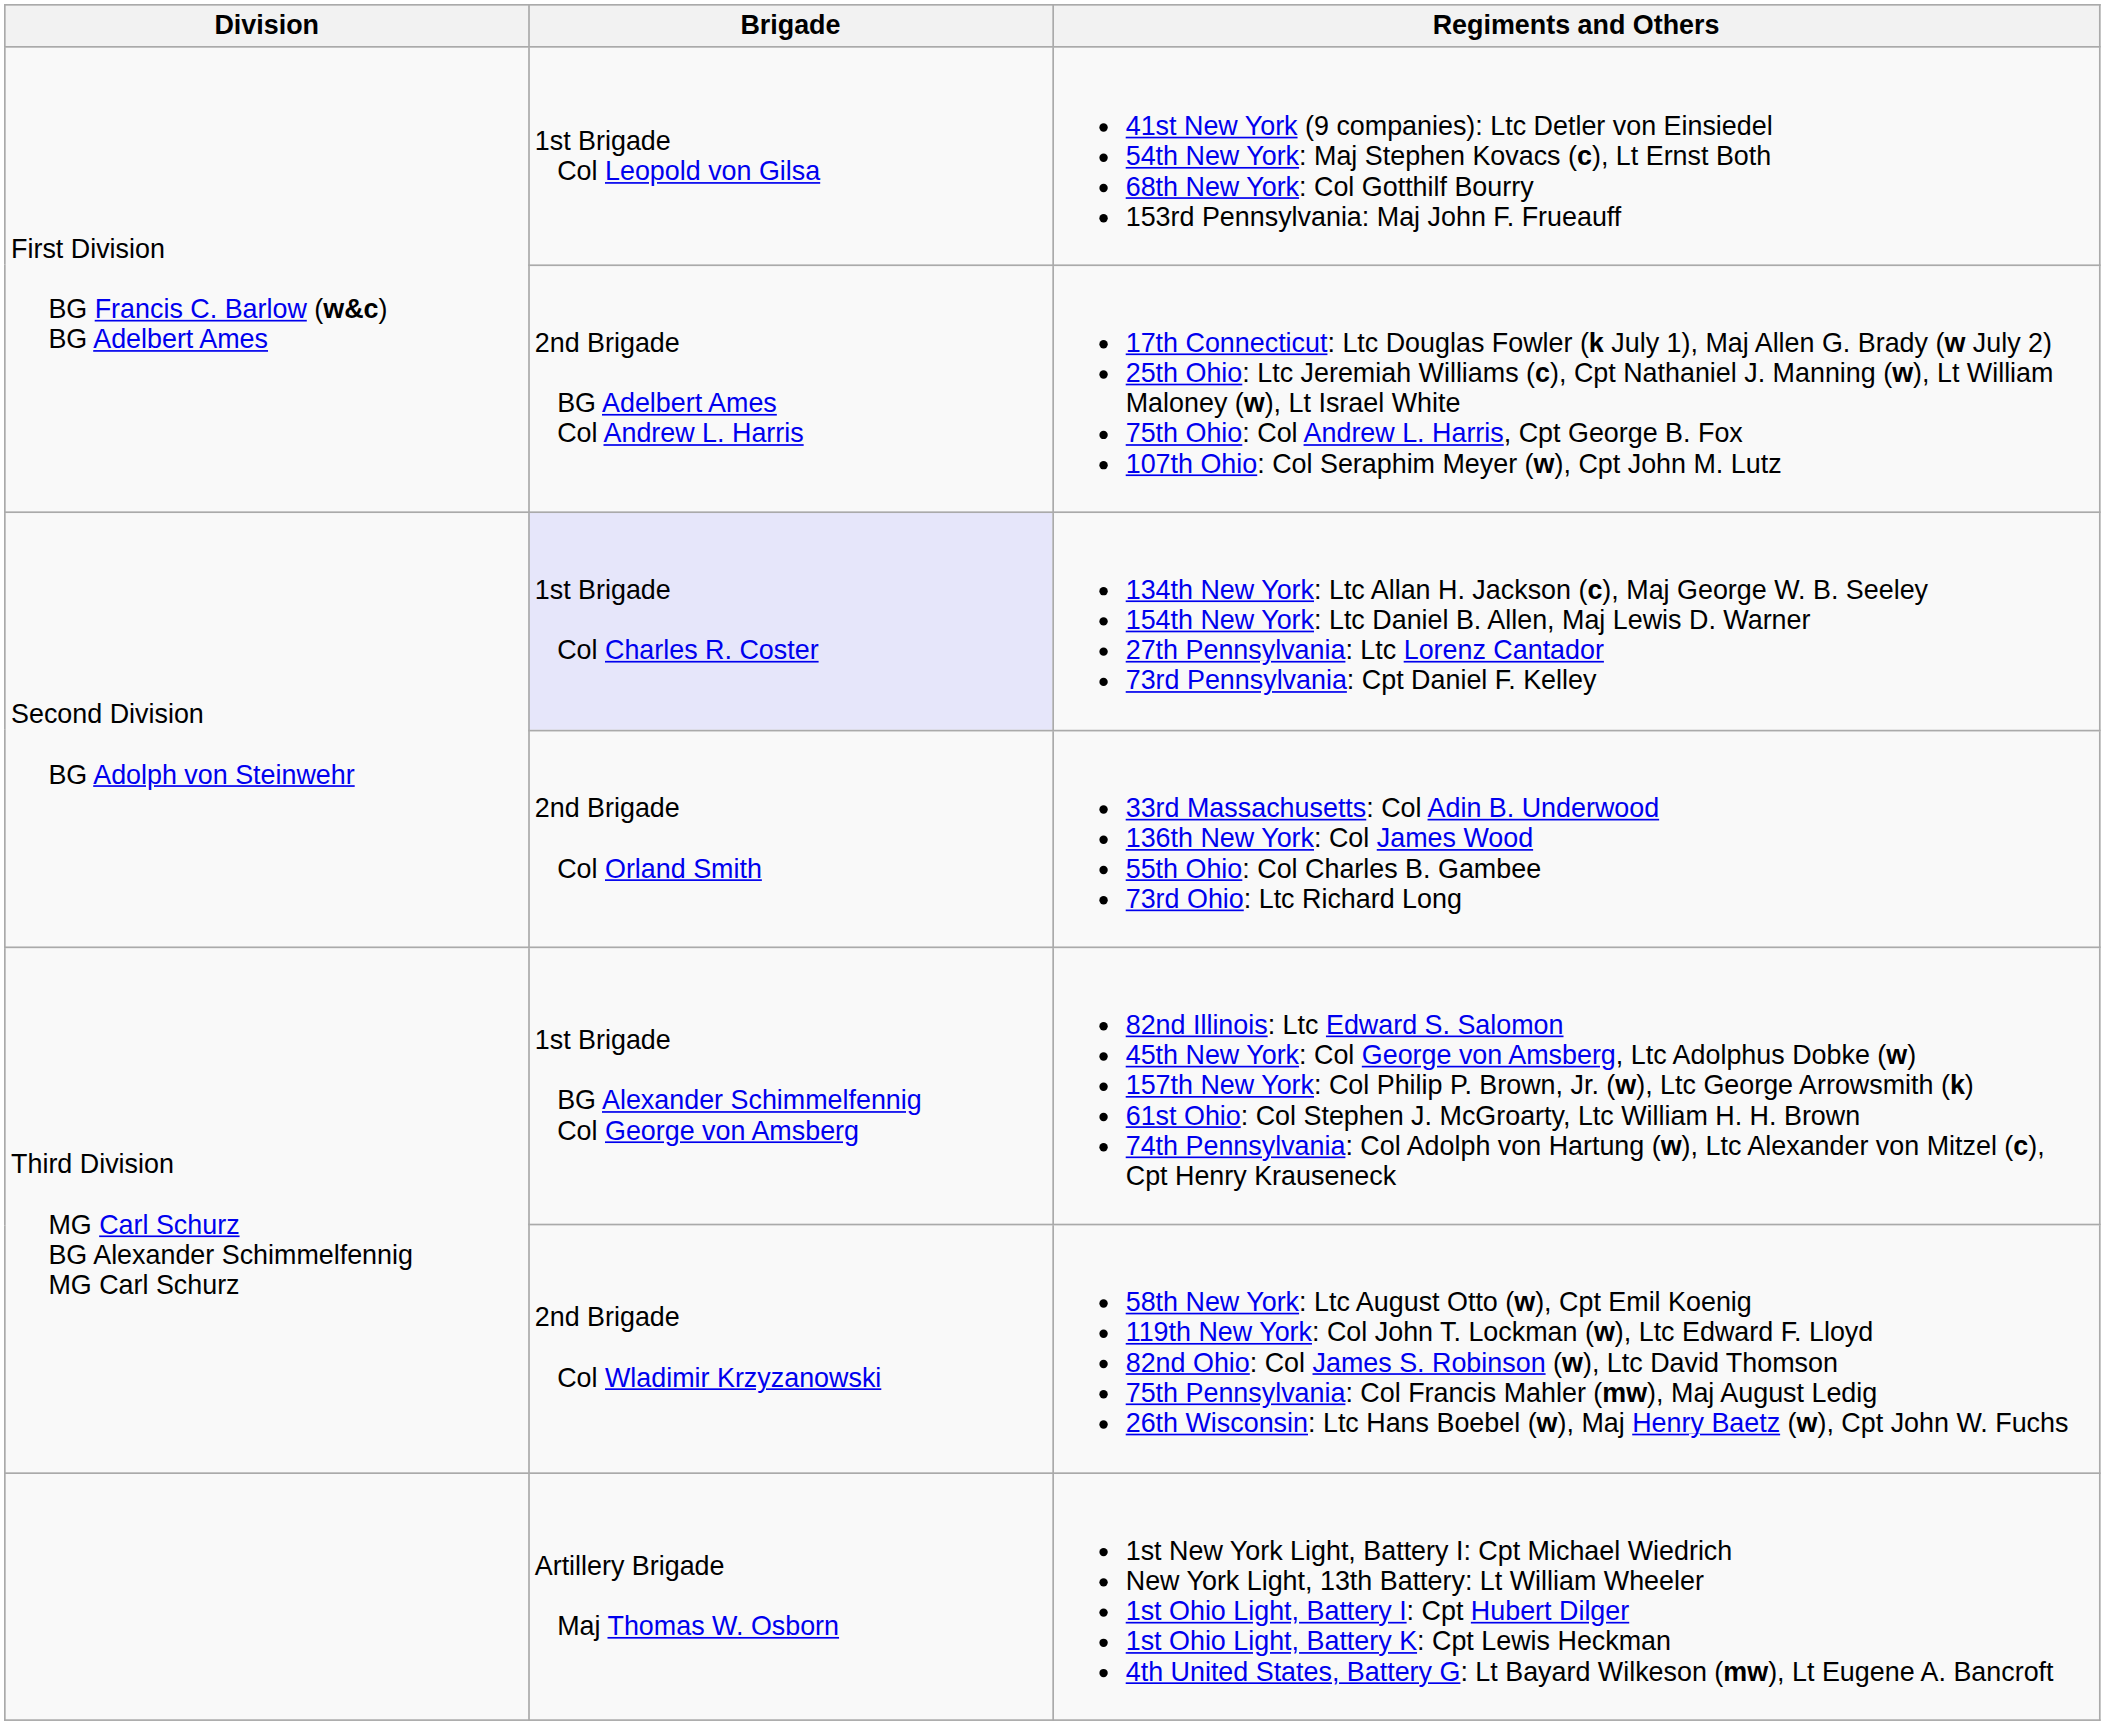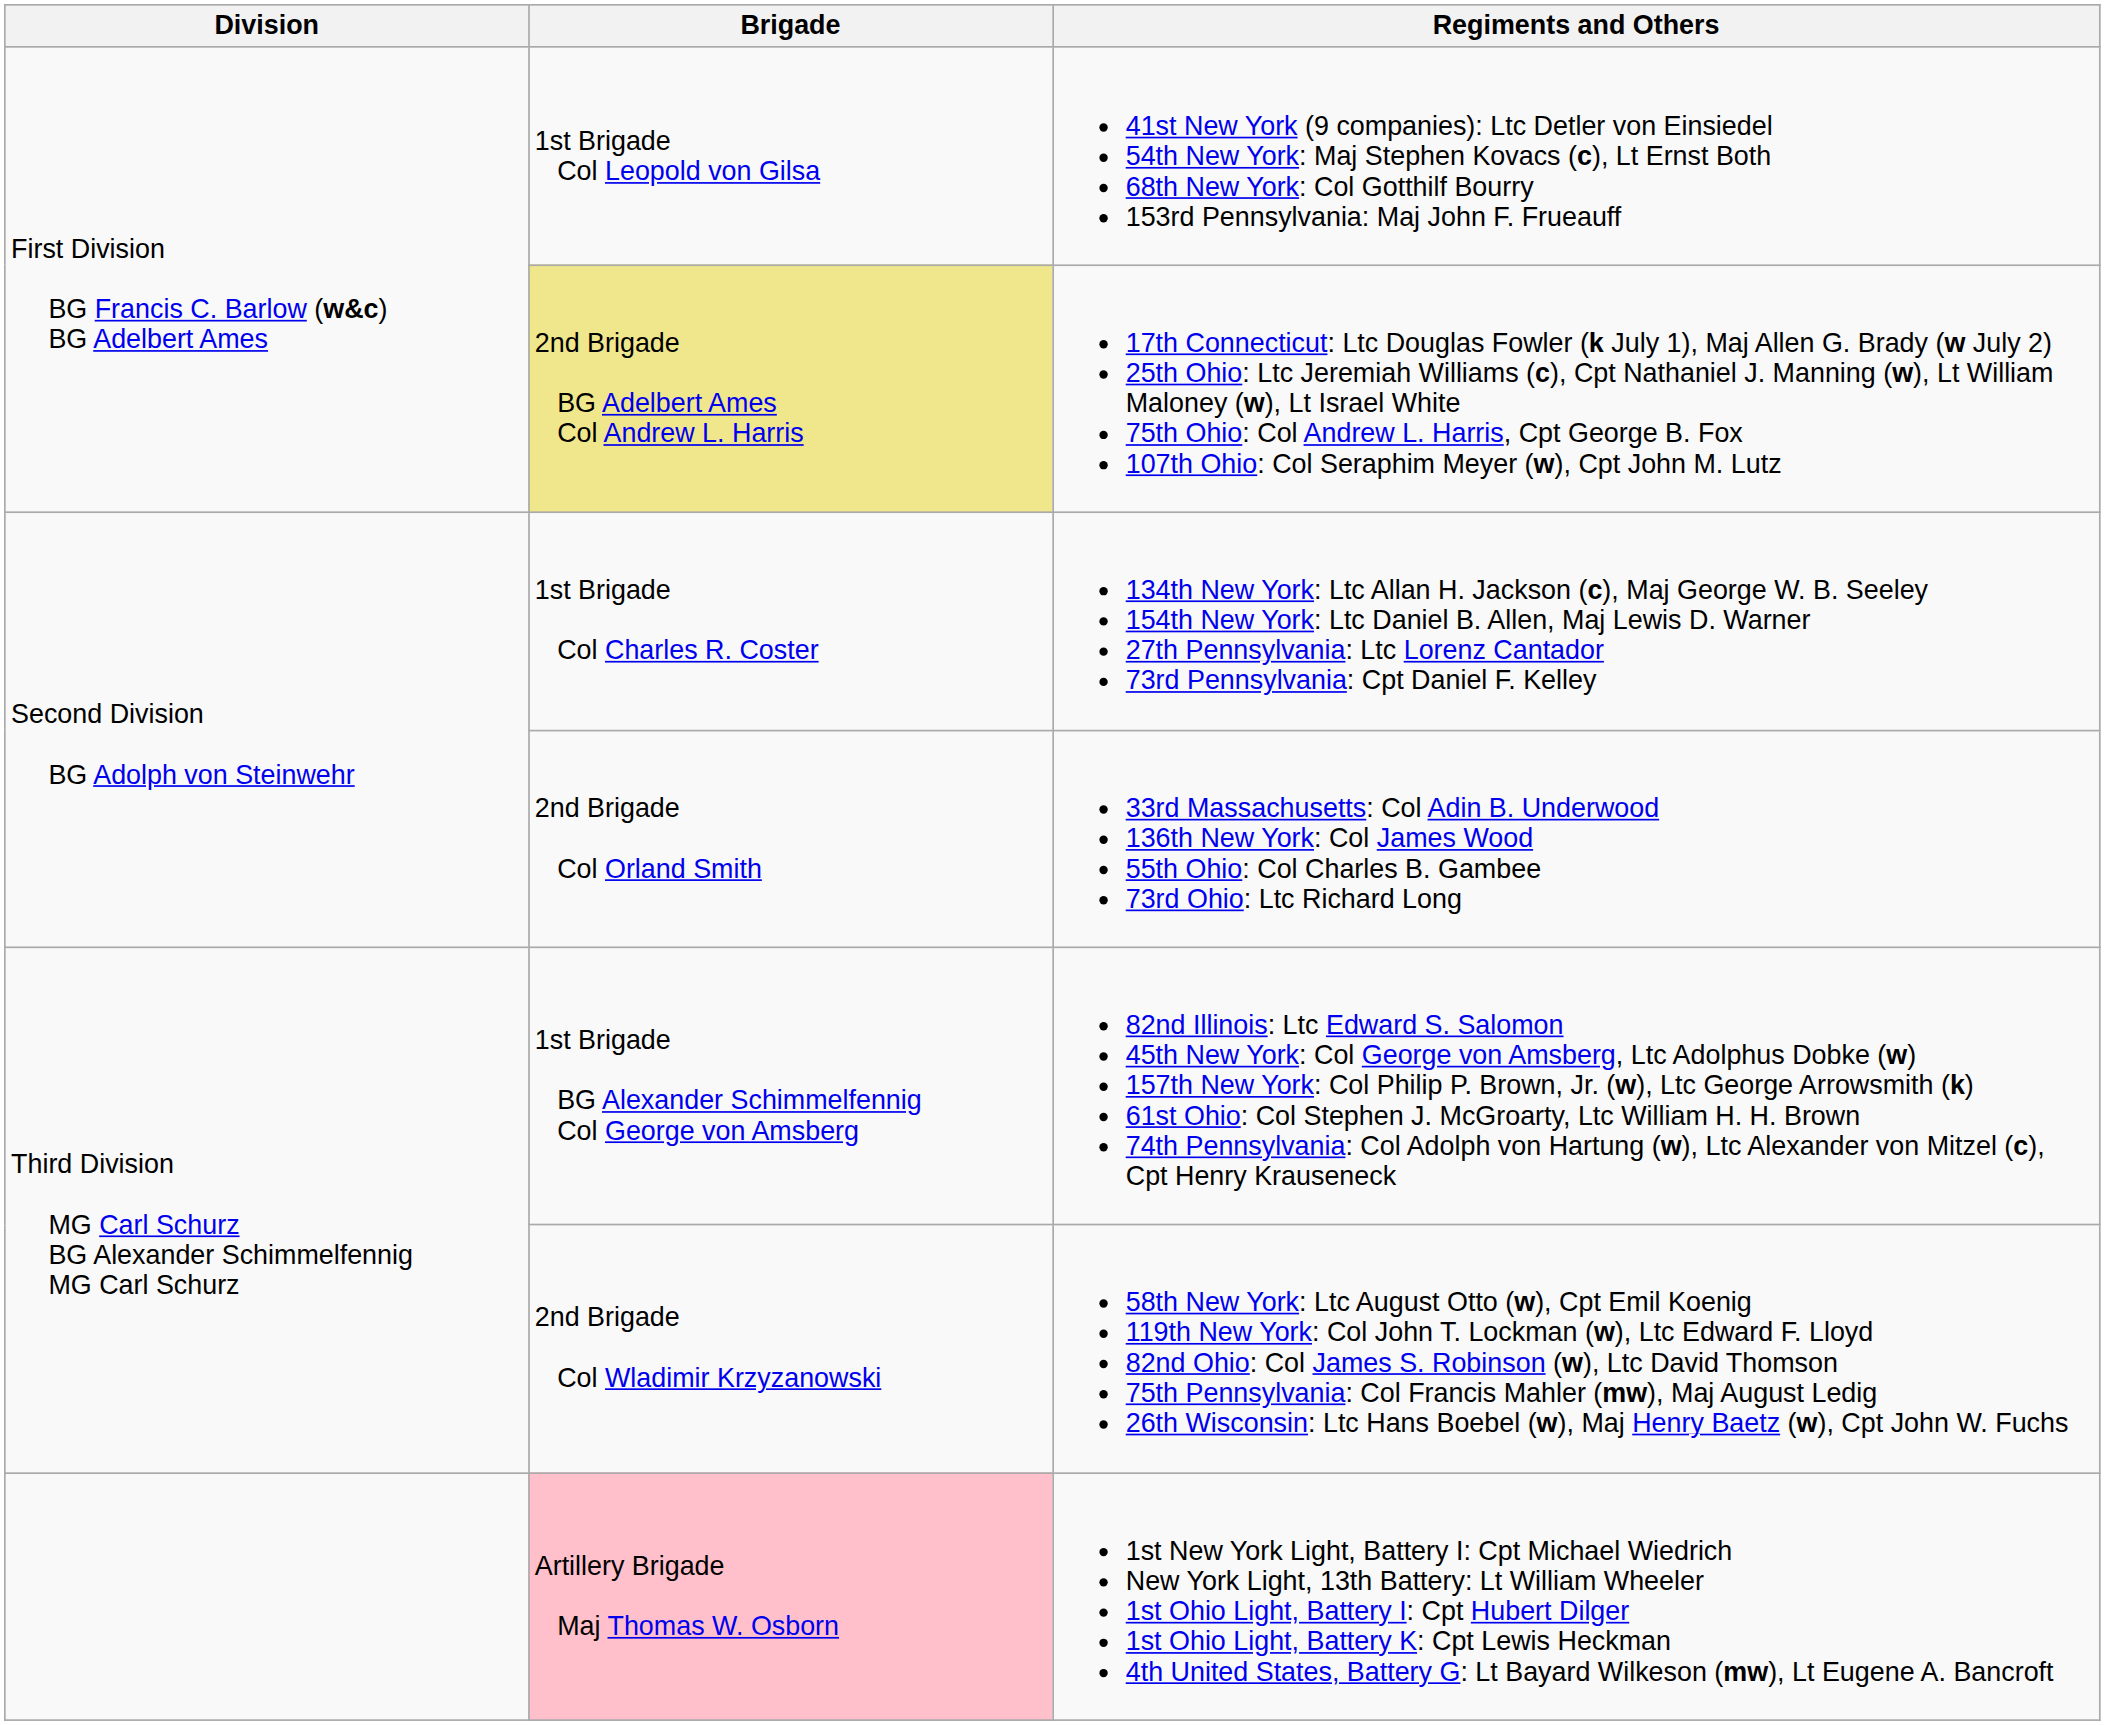 <table class="wikitable">
 <tr>
 <th style="width:25%;">Division</th>
 <th style="width:25%;">Brigade</th>
 <th>Regiments and Others</th>
 </tr>
 <tr>
 <td rowspan=2><br>First Division <br> <br>     BG <a href='#'>Francis C. Barlow</a> (<strong>w&c</strong>) <br>     BG <a href='#'>Adelbert Ames</a></td>
 <td><br>1st Brigade <br>   Col <a href='#'>Leopold von Gilsa</a> <br>  </td>
 <td><br><ul><li><a href='#'>41st New York</a> (9 companies): Ltc Detler von Einsiedel</li><li><a href='#'>54th New York</a>: Maj Stephen Kovacs (<strong>c</strong>), Lt Ernst Both</li><li><a href='#'>68th New York</a>: Col Gotthilf Bourry</li><li>153rd Pennsylvania: Maj John F. Frueauff</li></ul></td>
 </tr>
 <tr>
-<td>2nd Brigade<br><br>   BG <a href='#'>Adelbert Ames</a> <br>   Col <a href='#'>Andrew L. Harris</a></td>
+<td style="background: khaki;">2nd Brigade<br><br>   BG <a href='#'>Adelbert Ames</a> <br>   Col <a href='#'>Andrew L. Harris</a></td>
 <td><br><ul><li><a href='#'>17th Connecticut</a>: Ltc Douglas Fowler (<strong>k</strong> July 1), Maj Allen G. Brady (<strong>w</strong> July 2)</li><li><a href='#'>25th Ohio</a>: Ltc Jeremiah Williams (<strong>c</strong>), Cpt Nathaniel J. Manning (<strong>w</strong>), Lt William Maloney (<strong>w</strong>), Lt Israel White</li><li><a href='#'>75th Ohio</a>: Col <a href='#'>Andrew L. Harris</a>, Cpt George B. Fox</li><li><a href='#'>107th Ohio</a>: Col Seraphim Meyer (<strong>w</strong>), Cpt John M. Lutz</li></ul></td>
 </tr>
 <tr>
 <td rowspan=2><br>Second Division <br> <br>     BG <a href='#'>Adolph von Steinwehr</a></td>
-<td style="background: lavender;">1st Brigade<br><br>   Col <a href='#'>Charles R. Coster</a></td>
+<td>1st Brigade<br><br>   Col <a href='#'>Charles R. Coster</a></td>
 <td><br><ul><li><a href='#'>134th New York</a>: Ltc Allan H. Jackson (<strong>c</strong>), Maj George W. B. Seeley</li><li><a href='#'>154th New York</a>: Ltc Daniel B. Allen, Maj Lewis D. Warner</li><li><a href='#'>27th Pennsylvania</a>: Ltc <a href='#'>Lorenz Cantador</a></li><li><a href='#'>73rd Pennsylvania</a>: Cpt Daniel F. Kelley</li></ul></td>
 </tr>
 <tr>
 <td>2nd Brigade<br><br>   Col <a href='#'>Orland Smith</a></td>
 <td><br><ul><li><a href='#'>33rd Massachusetts</a>: Col <a href='#'>Adin B. Underwood</a></li><li><a href='#'>136th New York</a>: Col <a href='#'>James Wood</a></li><li><a href='#'>55th Ohio</a>: Col Charles B. Gambee</li><li><a href='#'>73rd Ohio</a>: Ltc Richard Long</li></ul></td>
 </tr>
 <tr>
 <td rowspan=2><br>Third Division <br> <br>     MG <a href='#'>Carl Schurz</a> <br>     BG Alexander Schimmelfennig <br>     MG Carl Schurz</td>
 <td>1st Brigade<br><br>   BG <a href='#'>Alexander Schimmelfennig</a> <br>   Col <a href='#'>George von Amsberg</a></td>
 <td><br><ul><li><a href='#'>82nd Illinois</a>: Ltc <a href='#'>Edward S. Salomon</a></li><li><a href='#'>45th New York</a>: Col <a href='#'>George von Amsberg</a>, Ltc Adolphus Dobke (<strong>w</strong>)</li><li><a href='#'>157th New York</a>: Col Philip P. Brown, Jr. (<strong>w</strong>), Ltc George Arrowsmith (<strong>k</strong>)</li><li><a href='#'>61st Ohio</a>: Col Stephen J. McGroarty, Ltc William H. H. Brown</li><li><a href='#'>74th Pennsylvania</a>: Col Adolph von Hartung (<strong>w</strong>), Ltc Alexander von Mitzel (<strong>c</strong>), Cpt Henry Krauseneck</li></ul></td>
 </tr>
 <tr>
 <td>2nd Brigade<br><br>   Col <a href='#'>Wladimir Krzyzanowski</a></td>
 <td><br><ul><li><a href='#'>58th New York</a>: Ltc August Otto (<strong>w</strong>), Cpt Emil Koenig</li><li><a href='#'>119th New York</a>: Col John T. Lockman (<strong>w</strong>), Ltc Edward F. Lloyd</li><li><a href='#'>82nd Ohio</a>: Col <a href='#'>James S. Robinson</a> (<strong>w</strong>), Ltc David Thomson</li><li><a href='#'>75th Pennsylvania</a>: Col Francis Mahler (<strong>mw</strong>), Maj August Ledig</li><li><a href='#'>26th Wisconsin</a>: Ltc Hans Boebel (<strong>w</strong>), Maj <a href='#'>Henry Baetz</a> (<strong>w</strong>), Cpt John W. Fuchs</li></ul></td>
 </tr>
 <tr>
 <td></td>
-<td>Artillery Brigade<br><br>   Maj <a href='#'>Thomas W. Osborn</a></td>
+<td style="background: pink;">Artillery Brigade<br><br>   Maj <a href='#'>Thomas W. Osborn</a></td>
 <td><br><ul><li>1st New York Light, Battery I: Cpt Michael Wiedrich</li><li>New York Light, 13th Battery: Lt William Wheeler</li><li><a href='#'>1st Ohio Light, Battery I</a>: Cpt <a href='#'>Hubert Dilger</a></li><li><a href='#'>1st Ohio Light, Battery K</a>: Cpt Lewis Heckman</li><li><a href='#'>4th United States, Battery G</a>: Lt Bayard Wilkeson (<strong>mw</strong>), Lt Eugene A. Bancroft</li></ul></td>
 </tr>
 </table>
